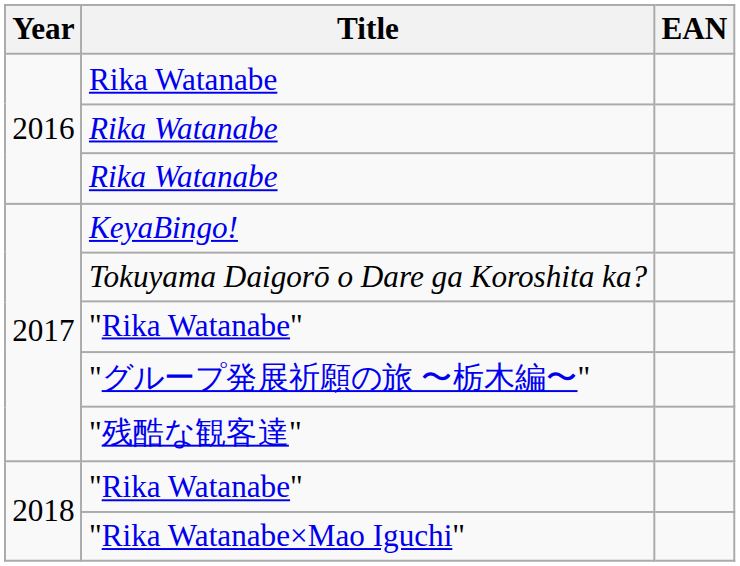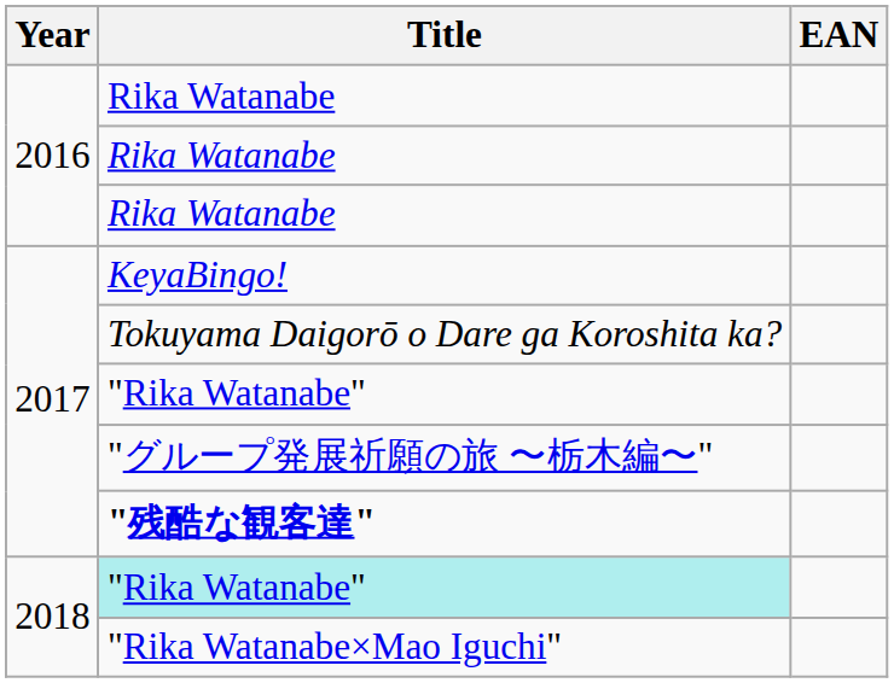 <table class="wikitable">
 <tr>
 <th>Year</th>
 <th>Title</th>
 <th>EAN</th>
 </tr>
 <tr>
 <td rowspan="3">2016</td>
 <td><a href='#'>Rika Watanabe</a></td>
 <td></td>
 </tr>
 <tr>
 <td><em><a href='#'>Rika Watanabe</a></em></td>
 <td></td>
 </tr>
 <tr>
 <td><em><a href='#'>Rika Watanabe</a></em></td>
 <td></td>
 </tr>
 <tr>
 <td rowspan="5">2017</td>
 <td><em><a href='#'>KeyaBingo!</a></em></td>
 <td></td>
 </tr>
 <tr>
 <td><em>Tokuyama Daigorō o Dare ga Koroshita ka?</em></td>
 <td></td>
 </tr>
 <tr>
 <td>"<a href='#'>Rika Watanabe</a>"</td>
 <td></td>
 </tr>
 <tr>
 <td>"<a href='#'>グループ発展祈願の旅 〜栃木編〜</a>"</td>
 <td></td>
 </tr>
 <tr>
-<td>"<a href='#'>残酷な観客達</a>"</td>
+<td><strong>"<a href='#'>残酷な観客達</a>"</strong></td>
 <td></td>
 </tr>
 <tr>
 <td rowspan="2">2018</td>
-<td>"<a href='#'>Rika Watanabe</a>"</td>
+<td style="background: paleturquoise;">"<a href='#'>Rika Watanabe</a>"</td>
 <td></td>
 </tr>
 <tr>
 <td>"<a href='#'>Rika Watanabe×Mao Iguchi</a>"</td>
 <td></td>
 </tr>
 </table>
